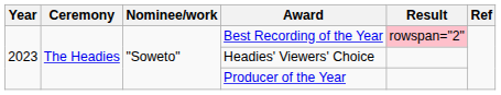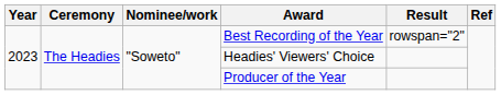 <table class="wikitable">
 <tr>
 <th>Year</th>
 <th>Ceremony</th>
 <th>Nominee/work</th>
 <th>Award</th>
 <th>Result</th>
 <th>Ref</th>
 </tr>
 <tr>
 <td rowspan="3">2023</td>
 <td rowspan="3"><a href='#'>The Headies</a></td>
 <td rowspan="3">"Soweto"</td>
 <td><a href='#'>Best Recording of the Year</a></td>
-<td style="background: pink;">rowspan="2" </td>
+<td>rowspan="2" </td>
 <td rowspan="3"></td>
 </tr>
 <tr>
 <td>Headies' Viewers' Choice</td>
 </tr>
 <tr>
 <td><a href='#'>Producer of the Year</a></td>
 <td></td>
 </tr>
 </table>
